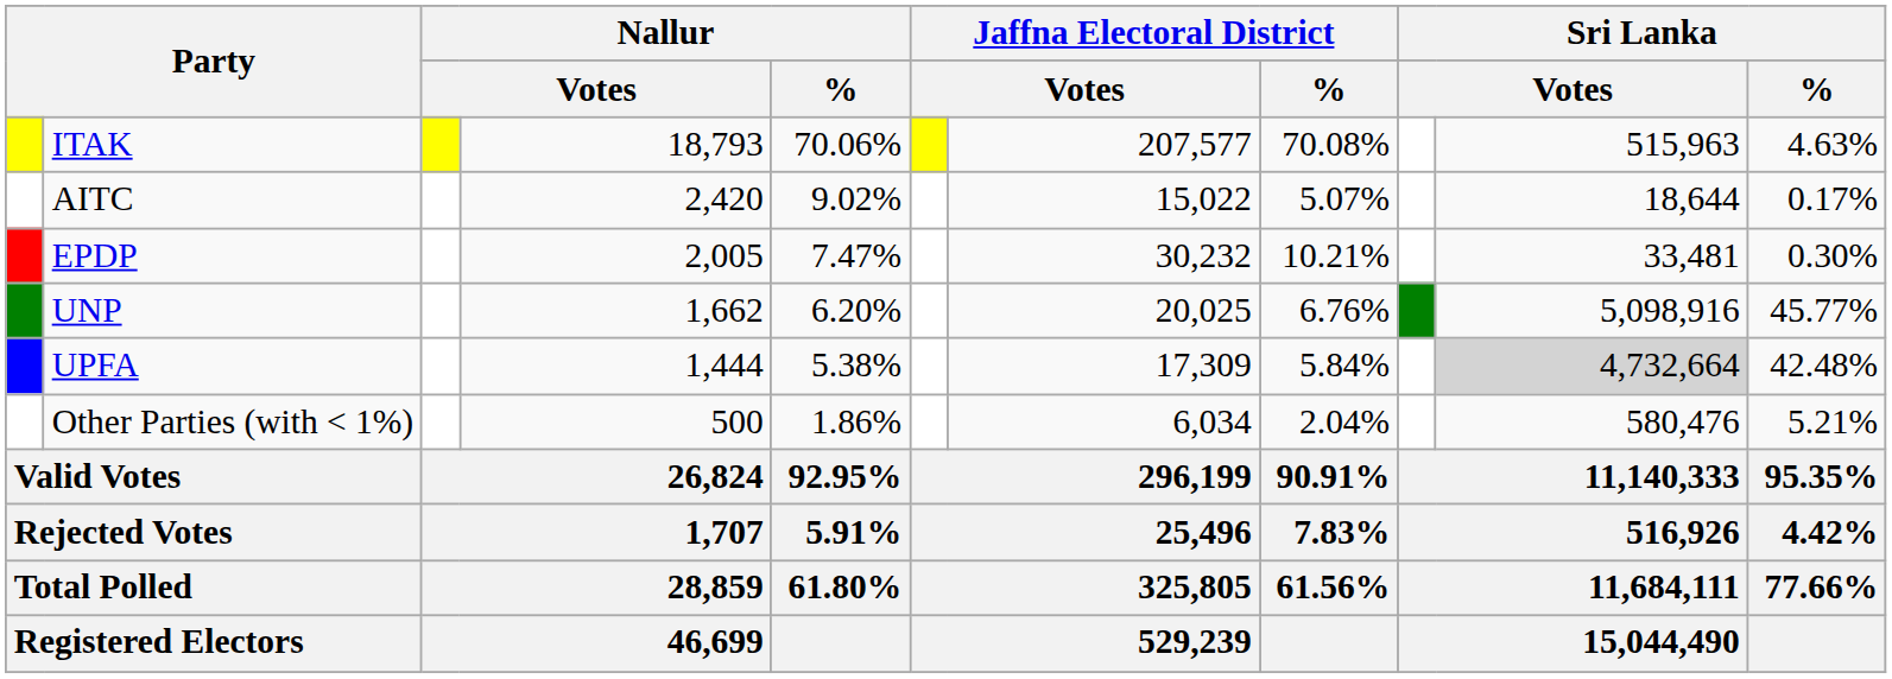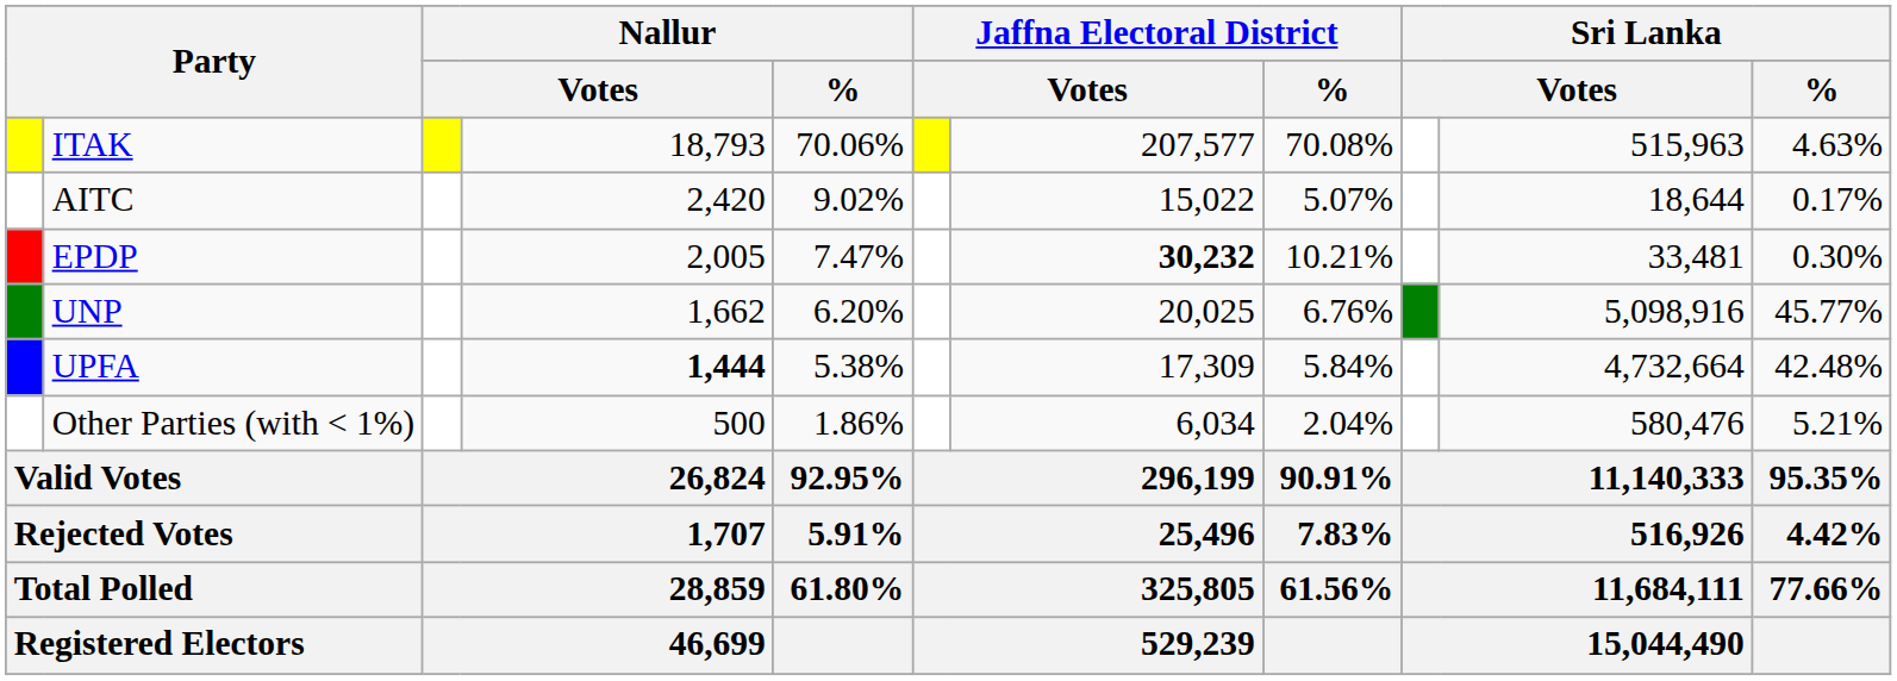 <table class="wikitable">
 <tr>
 <th colspan="2" width="144px"rowspan="2">Party</th>
 <th colspan="3" width="216px">Nallur</th>
 <th colspan="3" width="216px"><a href='#'>Jaffna Electoral District</a></th>
 <th colspan="3" width="216px">Sri Lanka</th>
 </tr>
 <tr>
 <th colspan="2" width="144px">Votes</th>
 <th>%</th>
 <th colspan="2" width="144px">Votes</th>
 <th>%</th>
 <th colspan="2" width="144px">Votes</th>
 <th>%</th>
 </tr>
 <tr>
 <td style="background-color:yellow;" width="10px"></td>
 <td style="text-align:left;"><a href='#'>ITAK</a></td>
 <td style="background-color:yellow;" width="10px"></td>
 <td style="text-align:right;">18,793</td>
 <td style="text-align:right;">70.06%</td>
 <td style="background-color:yellow;" width="10px"></td>
 <td style="text-align:right;">207,577</td>
 <td style="text-align:right;">70.08%</td>
 <td style="background-color:white;" width="10px"></td>
 <td style="text-align:right;">515,963</td>
 <td style="text-align:right;">4.63%</td>
 </tr>
 <tr>
 <td style="background-color:white;" width="10px"></td>
 <td style="text-align:left;">AITC</td>
 <td style="background-color:white;" width="10px"></td>
 <td style="text-align:right;">2,420</td>
 <td style="text-align:right;">9.02%</td>
 <td style="background-color:white;" width="10px"></td>
 <td style="text-align:right;">15,022</td>
 <td style="text-align:right;">5.07%</td>
 <td style="background-color:white;" width="10px"></td>
 <td style="text-align:right;">18,644</td>
 <td style="text-align:right;">0.17%</td>
 </tr>
 <tr>
 <td style="background-color:red;" width="10px"></td>
 <td style="text-align:left;"><a href='#'>EPDP</a></td>
 <td style="background-color:white;" width="10px"></td>
 <td style="text-align:right;">2,005</td>
 <td style="text-align:right;">7.47%</td>
 <td style="background-color:white;" width="10px"></td>
-<td style="text-align:right;">30,232</td>
+<td style="text-align:right;"><strong>30,232</strong></td>
 <td style="text-align:right;">10.21%</td>
 <td style="background-color:white;" width="10px"></td>
 <td style="text-align:right;">33,481</td>
 <td style="text-align:right;">0.30%</td>
 </tr>
 <tr>
 <td style="background-color:green;" width="10px"></td>
 <td style="text-align:left;"><a href='#'>UNP</a></td>
 <td style="background-color:white;" width="10px"></td>
 <td style="text-align:right;">1,662</td>
 <td style="text-align:right;">6.20%</td>
 <td style="background-color:white;" width="10px"></td>
 <td style="text-align:right;">20,025</td>
 <td style="text-align:right;">6.76%</td>
 <td style="background-color:green;" width="10px"></td>
 <td style="text-align:right;">5,098,916</td>
 <td style="text-align:right;">45.77%</td>
 </tr>
 <tr>
 <td style="background-color:blue;" width="10px"></td>
 <td style="text-align:left;"><a href='#'>UPFA</a></td>
 <td style="background-color:white;" width="10px"></td>
-<td style="text-align:right;">1,444</td>
+<td style="text-align:right;"><strong>1,444</strong></td>
 <td style="text-align:right;">5.38%</td>
 <td style="background-color:white;" width="10px"></td>
 <td style="text-align:right;">17,309</td>
 <td style="text-align:right;">5.84%</td>
 <td style="background-color:white;" width="10px"></td>
-<td style="background: lightgrey; text-align:right;">4,732,664</td>
+<td style="text-align:right;">4,732,664</td>
 <td style="text-align:right;">42.48%</td>
 </tr>
 <tr>
 <td style="background-color:white;" width="10px"></td>
 <td style="text-align:left;">Other Parties (with < 1%)</td>
 <td style="background-color:white;" width="10px"></td>
 <td style="text-align:right;">500</td>
 <td style="text-align:right;">1.86%</td>
 <td style="background-color:white;" width="10px"></td>
 <td style="text-align:right;">6,034</td>
 <td style="text-align:right;">2.04%</td>
 <td style="background-color:white;" width="10px"></td>
 <td style="text-align:right;">580,476</td>
 <td style="text-align:right;">5.21%</td>
 </tr>
 <tr>
 <th colspan="2" width="144px"style="text-align:left;">Valid Votes</th>
 <th style="text-align:right;"colspan="2" width="144px">26,824</th>
 <th style="text-align:right;">92.95%</th>
 <th style="text-align:right;"colspan="2" width="144px">296,199</th>
 <th style="text-align:right;">90.91%</th>
 <th style="text-align:right;"colspan="2" width="144px">11,140,333</th>
 <th style="text-align:right;">95.35%</th>
 </tr>
 <tr>
 <th colspan="2" width="144px"style="text-align:left;">Rejected Votes</th>
 <th style="text-align:right;"colspan="2" width="144px">1,707</th>
 <th style="text-align:right;">5.91%</th>
 <th style="text-align:right;"colspan="2" width="144px">25,496</th>
 <th style="text-align:right;">7.83%</th>
 <th style="text-align:right;"colspan="2" width="144px">516,926</th>
 <th style="text-align:right;">4.42%</th>
 </tr>
 <tr>
 <th colspan="2" width="144px"style="text-align:left;">Total Polled</th>
 <th style="text-align:right;"colspan="2" width="144px">28,859</th>
 <th style="text-align:right;">61.80%</th>
 <th style="text-align:right;"colspan="2" width="144px">325,805</th>
 <th style="text-align:right;">61.56%</th>
 <th style="text-align:right;"colspan="2" width="144px">11,684,111</th>
 <th style="text-align:right;">77.66%</th>
 </tr>
 <tr>
 <th colspan="2" width="144px"style="text-align:left;">Registered Electors</th>
 <th style="text-align:right;"colspan="2" width="144px">46,699</th>
 <th></th>
 <th style="text-align:right;"colspan="2" width="144px">529,239</th>
 <th></th>
 <th style="text-align:right;"colspan="2" width="144px">15,044,490</th>
 <th></th>
 </tr>
 </table>
